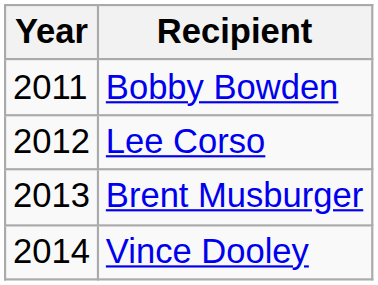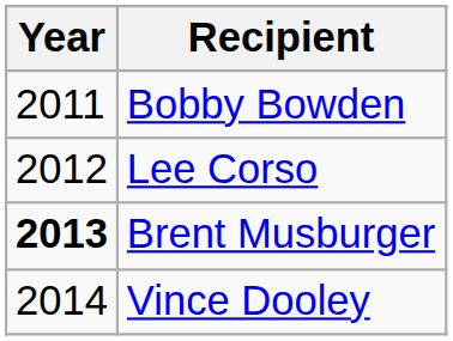 <table class="wikitable">
 <tr>
 <th>Year</th>
 <th>Recipient</th>
 </tr>
 <tr>
 <td>2011</td>
 <td><a href='#'>Bobby Bowden</a></td>
 </tr>
 <tr>
 <td>2012</td>
 <td><a href='#'>Lee Corso</a></td>
 </tr>
 <tr>
-<td>2013</td>
+<td><strong>2013</strong></td>
 <td><a href='#'>Brent Musburger</a></td>
 </tr>
 <tr>
 <td>2014</td>
 <td><a href='#'>Vince Dooley</a></td>
 </tr>
 </table>
